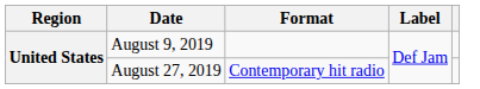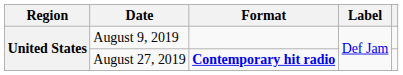 <table class="wikitable plainrowheaders">
 <tr>
 <th>Region</th>
 <th>Date</th>
 <th>Format</th>
 <th>Label</th>
 <th></th>
 </tr>
 <tr>
 <th scope="row" rowspan="2">United States</th>
 <td>August 9, 2019</td>
 <td></td>
 <td rowspan="2"><a href='#'>Def Jam</a></td>
 <td></td>
 </tr>
 <tr>
 <td>August 27, 2019</td>
-<td><a href='#'>Contemporary hit radio</a></td>
+<td><strong><a href='#'>Contemporary hit radio</a></strong></td>
 <td></td>
 </tr>
 </table>
